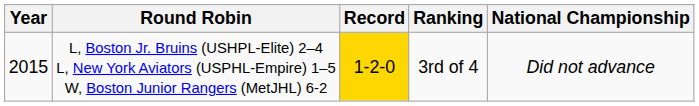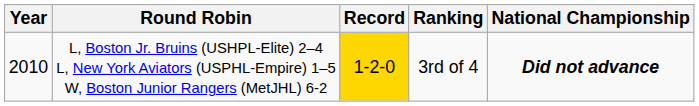 <table class="wikitable" style="text-align:center">
 <tr>
 <th>Year</th>
 <th>Round Robin</th>
 <th>Record</th>
 <th>Ranking</th>
 <th>National Championship</th>
 </tr>
 <tr>
-<td>2015</td>
+<td>2010</td>
 <td><small>L, <a href='#'>Boston Jr. Bruins</a> (USHPL-Elite) 2–4<br>L, <a href='#'>New York Aviators</a> (USPHL-Empire) 1–5<br>W, <a href='#'>Boston Junior Rangers</a> (MetJHL) 6-2</small></td>
 <td style="background: gold;">1-2-0</td>
 <td>3rd of 4</td>
-<td><em>Did not advance</em></td>
+<td><strong><em>Did not advance</em></strong></td>
 </tr>
 </table>
